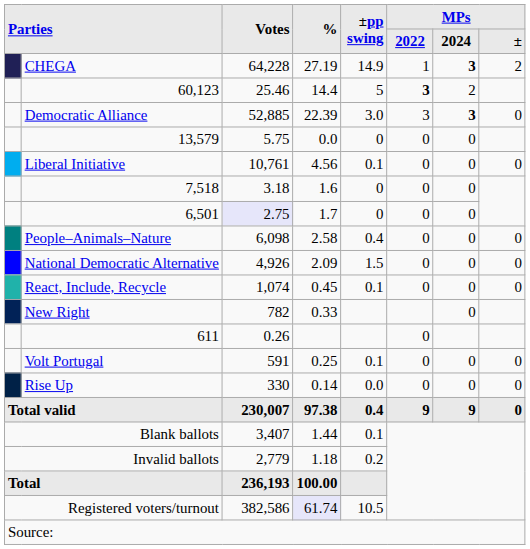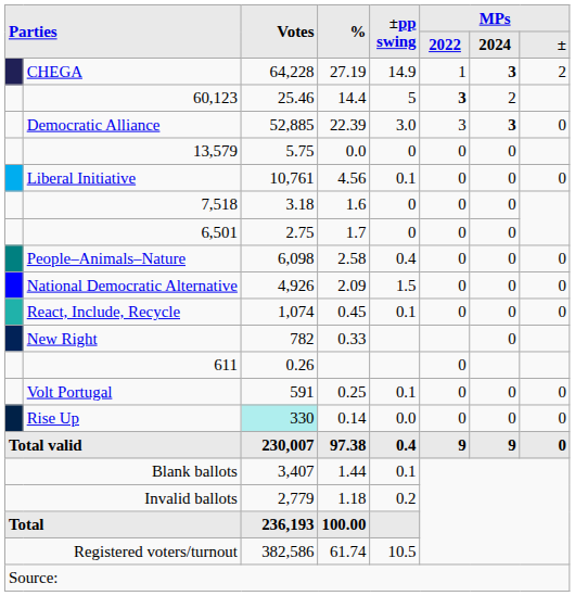 <table class="wikitable" style="text-align:right; font-size:95%;">
 <tr>
 <th rowspan="2" colspan="2" style="background:#e9e9e9; text-align:left;" alignleft><a href='#'>Parties</a></th>
 <th rowspan="2" style="background:#e9e9e9; text-align:right;">Votes</th>
 <th rowspan="2" style="background:#e9e9e9; text-align:right;">%</th>
 <th rowspan="2" style="background:#e9e9e9; text-align:right;">±<a href='#'>pp</a> <a href='#'>swing</a></th>
 <th colspan="3" style="background:#e9e9e9; text-align:center;"><a href='#'>MPs</a></th>
 </tr>
 <tr style="background-color:#E9E9E9">
 <th style="background-color:#E9E9E9;text-align:center;"><a href='#'>2022</a></th>
 <th style="background-color:#E9E9E9;text-align:center;">2024</th>
 <th style="background:#e9e9e9; text-align:right;">±</th>
 </tr>
 <tr>
 <td style="width: 10px" bgcolor="#202056" align="center"></td>
 <td align="left"><a href='#'>CHEGA</a></td>
 <td>64,228</td>
 <td>27.19</td>
 <td>14.9</td>
 <td>1</td>
 <td><strong>3</strong></td>
 <td>2</td>
 </tr>
 <tr>
 <td></td>
 <td>60,123</td>
 <td>25.46</td>
 <td>14.4</td>
 <td>5</td>
 <td><strong>3</strong></td>
 <td>2</td>
 </tr>
 <tr>
 <td style="width: 10px"></td>
 <td align="left"><a href='#'>Democratic Alliance</a> </td>
 <td>52,885</td>
 <td>22.39</td>
 <td>3.0</td>
 <td>3</td>
 <td><strong>3</strong></td>
 <td>0</td>
 </tr>
 <tr>
 <td></td>
 <td>13,579</td>
 <td>5.75</td>
 <td>0.0</td>
 <td>0</td>
 <td>0</td>
 <td>0</td>
 </tr>
 <tr>
 <td style="width: 10px" bgcolor="#00ADEF" align="center"></td>
 <td align="left"><a href='#'>Liberal Initiative</a></td>
 <td>10,761</td>
 <td>4.56</td>
 <td>0.1</td>
 <td>0</td>
 <td>0</td>
 <td>0</td>
 </tr>
 <tr>
 <td></td>
 <td>7,518</td>
 <td>3.18</td>
 <td>1.6</td>
 <td>0</td>
 <td>0</td>
 <td>0</td>
 </tr>
 <tr>
 <td></td>
 <td>6,501</td>
-<td style="background: lavender;">2.75</td>
+<td>2.75</td>
 <td>1.7</td>
 <td>0</td>
 <td>0</td>
 <td>0</td>
 </tr>
 <tr>
 <td style="width: 10px" bgcolor="teal" align="center"></td>
 <td align="left"><a href='#'>People–Animals–Nature</a></td>
 <td>6,098</td>
 <td>2.58</td>
 <td>0.4</td>
 <td>0</td>
 <td>0</td>
 <td>0</td>
 </tr>
 <tr>
 <td style="width: 10px" bgcolor="blue" align="center"></td>
 <td align="left"><a href='#'>National Democratic Alternative</a></td>
 <td>4,926</td>
 <td>2.09</td>
 <td>1.5</td>
 <td>0</td>
 <td>0</td>
 <td>0</td>
 </tr>
 <tr>
 <td style="width: 10px" bgcolor="LightSeaGreen" align="center"></td>
 <td align="left"><a href='#'>React, Include, Recycle</a></td>
 <td>1,074</td>
 <td>0.45</td>
 <td>0.1</td>
 <td>0</td>
 <td>0</td>
 <td>0</td>
 </tr>
 <tr>
 <td style="width: 10px" bgcolor="#012257" align="center"></td>
 <td align="left"><a href='#'>New Right</a></td>
 <td>782</td>
 <td>0.33</td>
 <td></td>
 <td></td>
 <td>0</td>
 <td></td>
 </tr>
 <tr>
 <td></td>
 <td>611</td>
 <td>0.26</td>
 <td></td>
 <td></td>
 <td>0</td>
 <td></td>
 </tr>
 <tr>
 <td style="width: 10px"></td>
 <td align="left"><a href='#'>Volt Portugal</a></td>
 <td>591</td>
 <td>0.25</td>
 <td>0.1</td>
 <td>0</td>
 <td>0</td>
 <td>0</td>
 </tr>
 <tr>
 <td style="width: 10px" bgcolor="#002147" align="center"></td>
 <td align="left"><a href='#'>Rise Up</a></td>
-<td>330</td>
+<td style="background: paleturquoise;">330</td>
 <td>0.14</td>
 <td>0.0</td>
 <td>0</td>
 <td>0</td>
 <td>0</td>
 </tr>
 <tr>
 <td colspan=2 align=left style="background-color:#E9E9E9"><strong>Total valid</strong></td>
 <td width="65" align="right" style="background-color:#E9E9E9"><strong>230,007</strong></td>
 <td width="40" align="right" style="background-color:#E9E9E9"><strong>97.38</strong></td>
 <td width="40" align="right" style="background-color:#E9E9E9"><strong>0.4</strong></td>
 <td width="40" align="right" style="background-color:#E9E9E9"><strong>9</strong></td>
 <td width="40" align="right" style="background-color:#E9E9E9"><strong>9</strong></td>
 <td width="40" align="right" style="background-color:#E9E9E9"><strong>0</strong></td>
 </tr>
 <tr>
 <td colspan=2>Blank ballots</td>
 <td>3,407</td>
 <td>1.44</td>
 <td>0.1</td>
 <td colspan="3" rowspan="4"></td>
 </tr>
 <tr>
 <td colspan=2>Invalid ballots</td>
 <td>2,779</td>
 <td>1.18</td>
 <td>0.2</td>
 </tr>
 <tr>
 <td colspan=2 align=left style="background-color:#E9E9E9"><strong>Total</strong></td>
 <td width="50" align="right" style="background-color:#E9E9E9"><strong>236,193</strong></td>
 <td width="40" align="right" style="background-color:#E9E9E9"><strong>100.00</strong></td>
 <td width="40" align="right" style="background-color:#E9E9E9"></td>
 </tr>
 <tr>
 <td colspan=2>Registered voters/turnout</td>
 <td>382,586</td>
-<td style="background: lavender;">61.74</td>
+<td>61.74</td>
 <td>10.5</td>
 </tr>
 <tr>
 <td colspan=8 align=left>Source: </td>
 </tr>
 </table>
